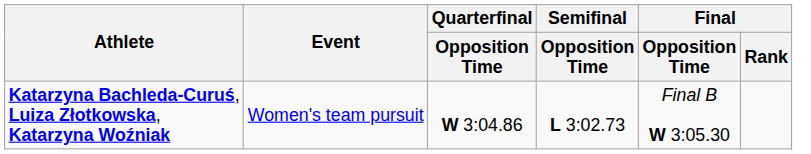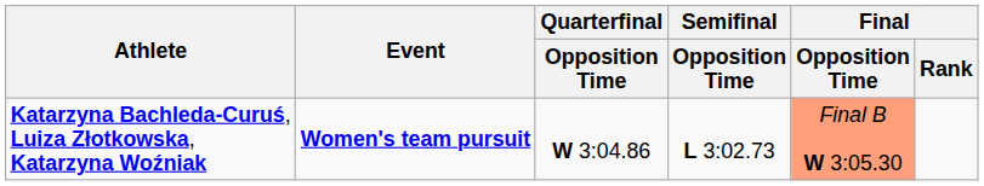 <table class="wikitable">
 <tr>
 <th rowspan="2">Athlete</th>
 <th rowspan="2">Event</th>
 <th>Quarterfinal</th>
 <th>Semifinal</th>
 <th colspan="2">Final</th>
 </tr>
 <tr>
 <th>Opposition <br> Time</th>
 <th>Opposition <br> Time</th>
 <th>Opposition <br> Time</th>
 <th>Rank</th>
 </tr>
 <tr>
 <td><strong><a href='#'>Katarzyna Bachleda-Curuś</a></strong>,<br><strong><a href='#'>Luiza Złotkowska</a></strong>,<br><strong><a href='#'>Katarzyna Woźniak</a></strong></td>
-<td><a href='#'>Women's team pursuit</a></td>
+<td><strong><a href='#'>Women's team pursuit</a></strong></td>
 <td align="center"> <br><strong>W</strong> 3:04.86</td>
 <td align="center"> <br><strong>L</strong> 3:02.73</td>
-<td align="center"><em>Final B</em> <br> <br><strong>W</strong> 3:05.30</td>
+<td align="center" style="background: lightsalmon;"><em>Final B</em> <br> <br><strong>W</strong> 3:05.30</td>
 <td align="center"></td>
 </tr>
 </table>
